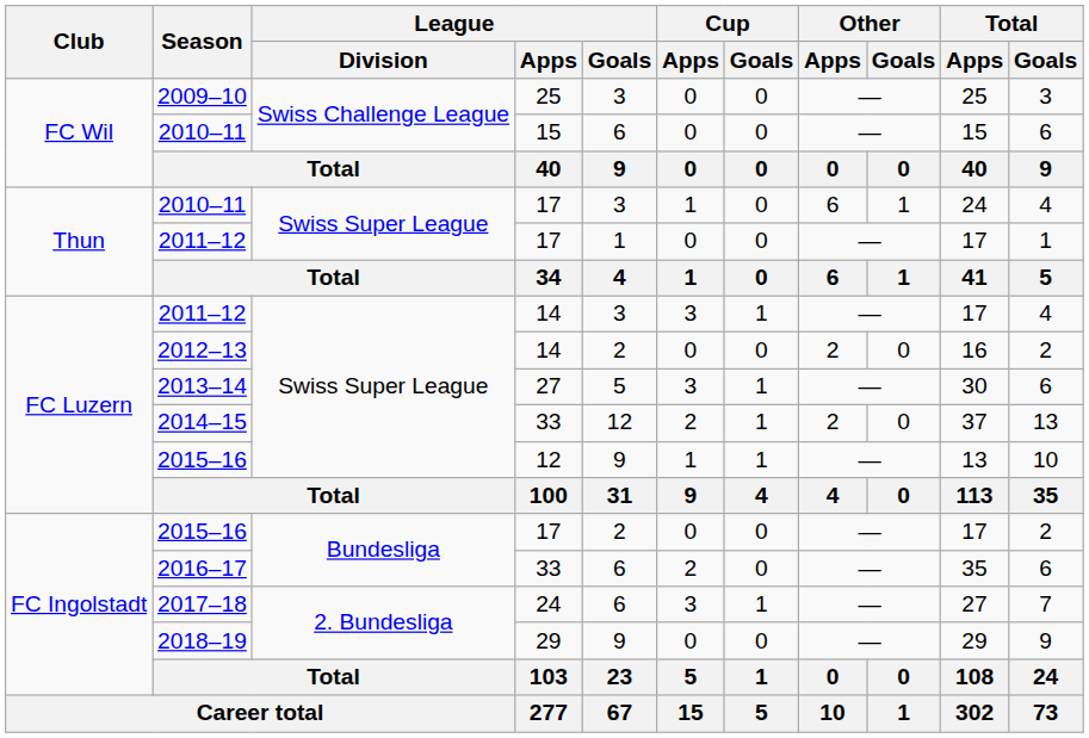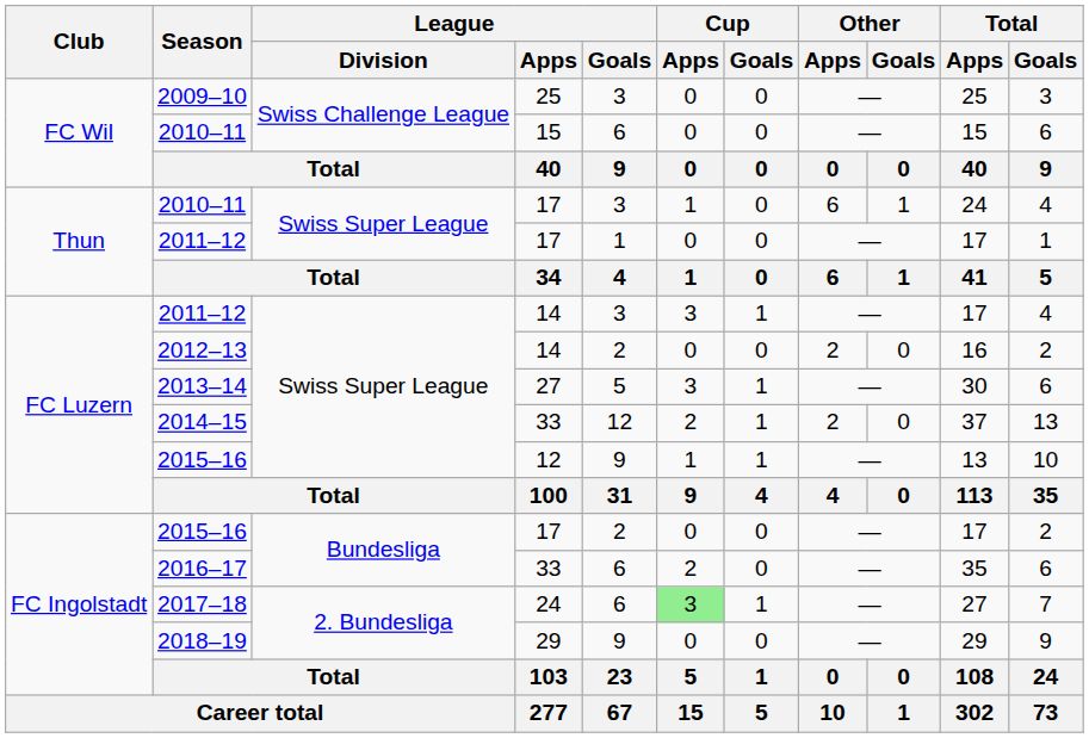 <table class="wikitable" style="text-align:center">
 <tr>
 <th rowspan="2">Club</th>
 <th rowspan="2">Season</th>
 <th colspan="3">League</th>
 <th colspan="2">Cup</th>
 <th colspan="2">Other</th>
 <th colspan="2">Total</th>
 </tr>
 <tr>
 <th>Division</th>
 <th>Apps</th>
 <th>Goals</th>
 <th>Apps</th>
 <th>Goals</th>
 <th>Apps</th>
 <th>Goals</th>
 <th>Apps</th>
 <th>Goals</th>
 </tr>
 <tr>
 <td rowspan="3"><a href='#'>FC Wil</a></td>
 <td><a href='#'>2009–10</a></td>
 <td rowspan="2"><a href='#'>Swiss Challenge League</a></td>
 <td>25</td>
 <td>3</td>
 <td>0</td>
 <td>0</td>
 <td colspan="2">—</td>
 <td>25</td>
 <td>3</td>
 </tr>
 <tr>
 <td><a href='#'>2010–11</a></td>
 <td>15</td>
 <td>6</td>
 <td>0</td>
 <td>0</td>
 <td colspan="2">—</td>
 <td>15</td>
 <td>6</td>
 </tr>
 <tr>
 <th colspan="2">Total</th>
 <th>40</th>
 <th>9</th>
 <th>0</th>
 <th>0</th>
 <th>0</th>
 <th>0</th>
 <th>40</th>
 <th>9</th>
 </tr>
 <tr>
 <td rowspan="3"><a href='#'>Thun</a></td>
 <td><a href='#'>2010–11</a></td>
 <td rowspan="2"><a href='#'>Swiss Super League</a></td>
 <td>17</td>
 <td>3</td>
 <td>1</td>
 <td>0</td>
 <td>6</td>
 <td>1</td>
 <td>24</td>
 <td>4</td>
 </tr>
 <tr>
 <td><a href='#'>2011–12</a></td>
 <td>17</td>
 <td>1</td>
 <td>0</td>
 <td>0</td>
 <td colspan="2">—</td>
 <td>17</td>
 <td>1</td>
 </tr>
 <tr>
 <th colspan="2">Total</th>
 <th>34</th>
 <th>4</th>
 <th>1</th>
 <th>0</th>
 <th>6</th>
 <th>1</th>
 <th>41</th>
 <th>5</th>
 </tr>
 <tr>
 <td rowspan="6"><a href='#'>FC Luzern</a></td>
 <td><a href='#'>2011–12</a></td>
 <td rowspan="5">Swiss Super League</td>
 <td>14</td>
 <td>3</td>
 <td>3</td>
 <td>1</td>
 <td colspan="2">—</td>
 <td>17</td>
 <td>4</td>
 </tr>
 <tr>
 <td><a href='#'>2012–13</a></td>
 <td>14</td>
 <td>2</td>
 <td>0</td>
 <td>0</td>
 <td>2</td>
 <td>0</td>
 <td>16</td>
 <td>2</td>
 </tr>
 <tr>
 <td><a href='#'>2013–14</a></td>
 <td>27</td>
 <td>5</td>
 <td>3</td>
 <td>1</td>
 <td colspan="2">—</td>
 <td>30</td>
 <td>6</td>
 </tr>
 <tr>
 <td><a href='#'>2014–15</a></td>
 <td>33</td>
 <td>12</td>
 <td>2</td>
 <td>1</td>
 <td>2</td>
 <td>0</td>
 <td>37</td>
 <td>13</td>
 </tr>
 <tr>
 <td><a href='#'>2015–16</a></td>
 <td>12</td>
 <td>9</td>
 <td>1</td>
 <td>1</td>
 <td colspan="2">—</td>
 <td>13</td>
 <td>10</td>
 </tr>
 <tr>
 <th colspan="2">Total</th>
 <th>100</th>
 <th>31</th>
 <th>9</th>
 <th>4</th>
 <th>4</th>
 <th>0</th>
 <th>113</th>
 <th>35</th>
 </tr>
 <tr>
 <td rowspan="5"><a href='#'>FC Ingolstadt</a></td>
 <td><a href='#'>2015–16</a></td>
 <td rowspan="2"><a href='#'>Bundesliga</a></td>
 <td>17</td>
 <td>2</td>
 <td>0</td>
 <td>0</td>
 <td colspan="2">—</td>
 <td>17</td>
 <td>2</td>
 </tr>
 <tr>
 <td><a href='#'>2016–17</a></td>
 <td>33</td>
 <td>6</td>
 <td>2</td>
 <td>0</td>
 <td colspan="2">—</td>
 <td>35</td>
 <td>6</td>
 </tr>
 <tr>
 <td><a href='#'>2017–18</a></td>
 <td rowspan="2"><a href='#'>2. Bundesliga</a></td>
 <td>24</td>
 <td>6</td>
-<td>3</td>
+<td style="background: lightgreen;">3</td>
 <td>1</td>
 <td colspan="2">—</td>
 <td>27</td>
 <td>7</td>
 </tr>
 <tr>
 <td><a href='#'>2018–19</a></td>
 <td>29</td>
 <td>9</td>
 <td>0</td>
 <td>0</td>
 <td colspan="2">—</td>
 <td>29</td>
 <td>9</td>
 </tr>
 <tr>
 <th colspan="2">Total</th>
 <th>103</th>
 <th>23</th>
 <th>5</th>
 <th>1</th>
 <th>0</th>
 <th>0</th>
 <th>108</th>
 <th>24</th>
 </tr>
 <tr>
 <th colspan="3">Career total</th>
 <th>277</th>
 <th>67</th>
 <th>15</th>
 <th>5</th>
 <th>10</th>
 <th>1</th>
 <th>302</th>
 <th>73</th>
 </tr>
 </table>
